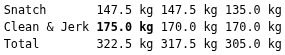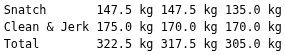 <table>
 <tr>
 <td>Snatch</td>
 <td></td>
 <td>147.5 kg</td>
 <td></td>
 <td>147.5 kg</td>
 <td></td>
 <td>135.0 kg</td>
 </tr>
 <tr>
 <td>Clean & Jerk</td>
 <td></td>
-<td><strong>175.0 kg</strong></td>
+<td>175.0 kg</td>
 <td></td>
 <td>170.0 kg</td>
 <td></td>
 <td>170.0 kg</td>
 </tr>
 <tr>
 <td>Total</td>
 <td></td>
 <td>322.5 kg</td>
 <td></td>
 <td>317.5 kg</td>
 <td></td>
 <td>305.0 kg</td>
 </tr>
 </table>
